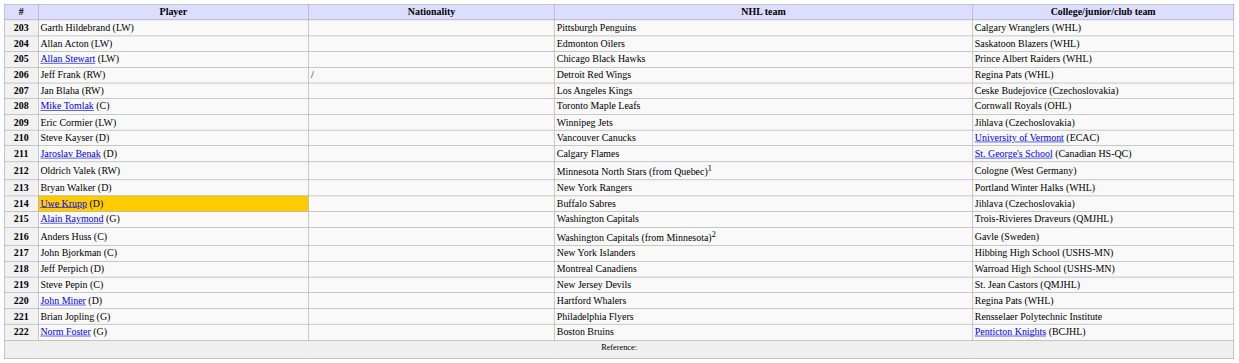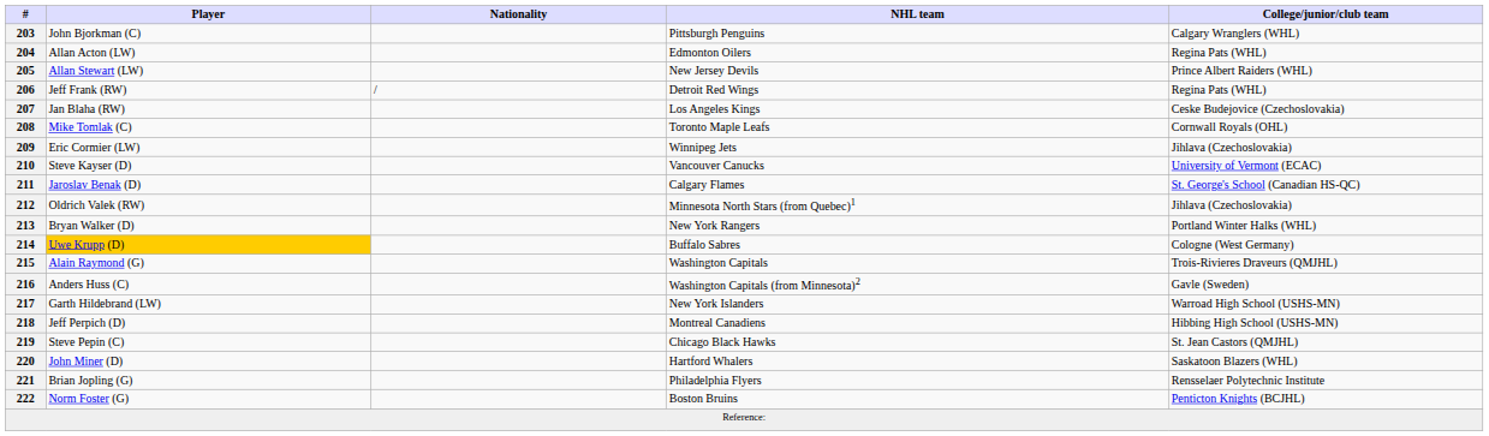 <table class="wikitable" style="width: 100%">
 <tr>
 <th style="background:#ddf; width:2.75%;">#</th>
 <th style="background:#ddf; width:22.0%;">Player</th>
 <th style="background:#ddf; width:20.0%;">Nationality</th>
 <th style="background:#ddf; width:34.0%;">NHL team</th>
 <th style="background:#ddf; width:100.0%;">College/junior/club team</th>
 </tr>
 <tr>
 <th>203</th>
-<td>Garth Hildebrand (LW)</td>
+<td>John Bjorkman (C)</td>
 <td></td>
 <td>Pittsburgh Penguins</td>
 <td>Calgary Wranglers (WHL)</td>
 </tr>
 <tr>
 <th>204</th>
 <td>Allan Acton (LW)</td>
 <td></td>
 <td>Edmonton Oilers</td>
-<td>Saskatoon Blazers (WHL)</td>
+<td>Regina Pats (WHL)</td>
 </tr>
 <tr>
 <th>205</th>
 <td><a href='#'>Allan Stewart</a> (LW)</td>
 <td></td>
-<td>Chicago Black Hawks</td>
+<td>New Jersey Devils</td>
 <td>Prince Albert Raiders (WHL)</td>
 </tr>
 <tr>
 <th>206</th>
 <td>Jeff Frank (RW)</td>
 <td>/<br></td>
 <td>Detroit Red Wings</td>
 <td>Regina Pats (WHL)</td>
 </tr>
 <tr>
 <th>207</th>
 <td>Jan Blaha (RW)</td>
 <td></td>
 <td>Los Angeles Kings</td>
 <td>Ceske Budejovice (Czechoslovakia)</td>
 </tr>
 <tr>
 <th>208</th>
 <td><a href='#'>Mike Tomlak</a> (C)</td>
 <td></td>
 <td>Toronto Maple Leafs</td>
 <td>Cornwall Royals (OHL)</td>
 </tr>
 <tr>
 <th>209</th>
 <td>Eric Cormier (LW)</td>
 <td></td>
 <td>Winnipeg Jets</td>
 <td>Jihlava (Czechoslovakia)</td>
 </tr>
 <tr>
 <th>210</th>
 <td>Steve Kayser (D)</td>
 <td></td>
 <td>Vancouver Canucks</td>
 <td><a href='#'>University of Vermont</a> (ECAC)</td>
 </tr>
 <tr>
 <th>211</th>
 <td><a href='#'>Jaroslav Benak</a> (D)</td>
 <td></td>
 <td>Calgary Flames</td>
 <td><a href='#'>St. George's School</a> (Canadian HS-QC)</td>
 </tr>
 <tr>
 <th>212</th>
 <td>Oldrich Valek (RW)</td>
 <td></td>
 <td>Minnesota North Stars (from Quebec)<sup>1</sup></td>
-<td>Cologne (West Germany)</td>
+<td>Jihlava (Czechoslovakia)</td>
 </tr>
 <tr>
 <th>213</th>
 <td>Bryan Walker (D)</td>
 <td></td>
 <td>New York Rangers</td>
 <td>Portland Winter Halks (WHL)</td>
 </tr>
 <tr>
 <th>214</th>
 <td style="background:#fc0;"><a href='#'>Uwe Krupp</a> (D)</td>
 <td></td>
 <td>Buffalo Sabres</td>
-<td>Jihlava (Czechoslovakia)</td>
+<td>Cologne (West Germany)</td>
 </tr>
 <tr>
 <th>215</th>
 <td><a href='#'>Alain Raymond</a> (G)</td>
 <td></td>
 <td>Washington Capitals</td>
 <td>Trois-Rivieres Draveurs (QMJHL)</td>
 </tr>
 <tr>
 <th>216</th>
 <td>Anders Huss (C)</td>
 <td></td>
 <td>Washington Capitals (from Minnesota)<sup>2</sup></td>
 <td>Gavle (Sweden)</td>
 </tr>
 <tr>
 <th>217</th>
-<td>John Bjorkman (C)</td>
+<td>Garth Hildebrand (LW)</td>
 <td></td>
 <td>New York Islanders</td>
-<td>Hibbing High School (USHS-MN)</td>
+<td>Warroad High School (USHS-MN)</td>
 </tr>
 <tr>
 <th>218</th>
 <td>Jeff Perpich (D)</td>
 <td></td>
 <td>Montreal Canadiens</td>
-<td>Warroad High School (USHS-MN)</td>
+<td>Hibbing High School (USHS-MN)</td>
 </tr>
 <tr>
 <th>219</th>
 <td>Steve Pepin (C)</td>
 <td></td>
-<td>New Jersey Devils</td>
+<td>Chicago Black Hawks</td>
 <td>St. Jean Castors (QMJHL)</td>
 </tr>
 <tr>
 <th>220</th>
 <td><a href='#'>John Miner</a> (D)</td>
 <td></td>
 <td>Hartford Whalers</td>
-<td>Regina Pats (WHL)</td>
+<td>Saskatoon Blazers (WHL)</td>
 </tr>
 <tr>
 <th>221</th>
 <td>Brian Jopling (G)</td>
 <td></td>
 <td>Philadelphia Flyers</td>
 <td>Rensselaer Polytechnic Institute</td>
 </tr>
 <tr>
 <th>222</th>
 <td><a href='#'>Norm Foster</a> (G)</td>
 <td></td>
 <td>Boston Bruins</td>
 <td><a href='#'>Penticton Knights</a> (BCJHL)</td>
 </tr>
 <tr>
 <td colspan="6" style="text-align:center; background:#efefef;"><sup>Reference:  </sup></td>
 </tr>
 </table>
